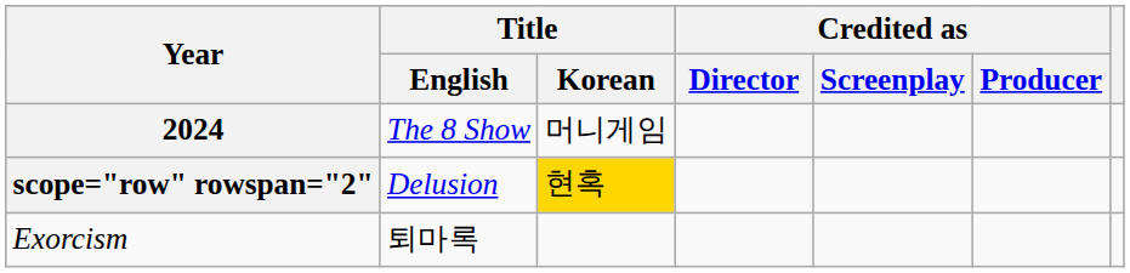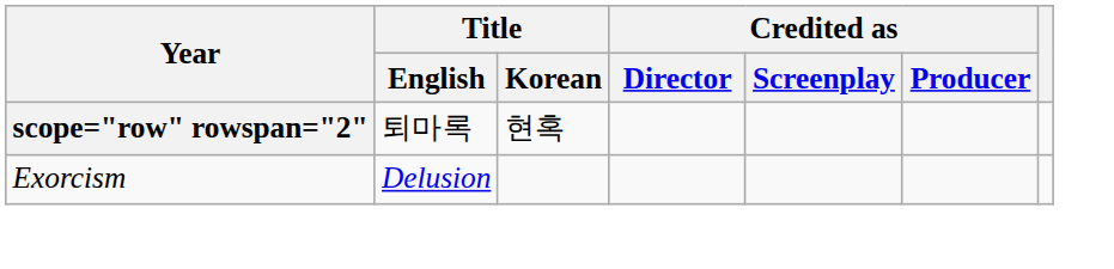 <table class="wikitable sortable plainrowheaders">
 <tr>
 <th rowspan="2" scope="col">Year</th>
 <th colspan="2" scope="col">Title</th>
 <th colspan="3">Credited as</th>
 <th rowspan="2" scope="col" class="unsortable"></th>
 </tr>
 <tr>
 <th scope="col">English</th>
 <th scope="col">Korean</th>
 <th width="65" class="unsortable"><a href='#'>Director</a></th>
 <th width="65" class="unsortable"><a href='#'>Screenplay</a></th>
 <th width="65" class="unsortable"><a href='#'>Producer</a></th>
 </tr>
 <tr>
-<th scope="row">2024</th>
-<td><em><a href='#'>The 8 Show</a></em></td>
-<td>머니게임</td>
-<td></td>
-<td></td>
-<td></td>
-<td style="text-align:center;"></td>
-</tr>
-<tr>
 <th>scope="row" rowspan="2" </th>
-<td><em><a href='#'>Delusion</a></em></td>
-<td style="background: gold;">현혹</td>
+<td>퇴마록</td>
+<td>현혹</td>
 <td></td>
 <td></td>
 <td></td>
 <td></td>
 </tr>
 <tr>
 <td><em>Exorcism</em></td>
-<td>퇴마록</td>
+<td><em><a href='#'>Delusion</a></em></td>
 <td></td>
 <td></td>
 <td></td>
 <td></td>
 </tr>
 </table>
